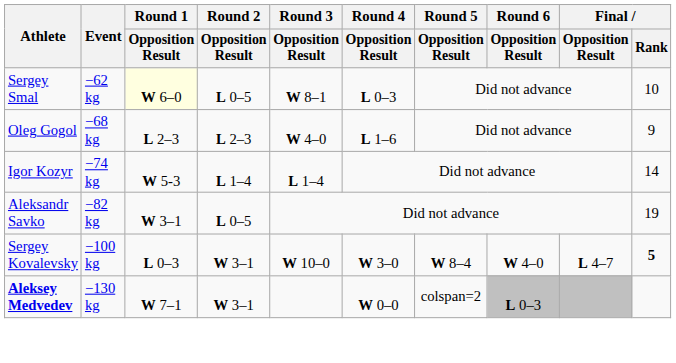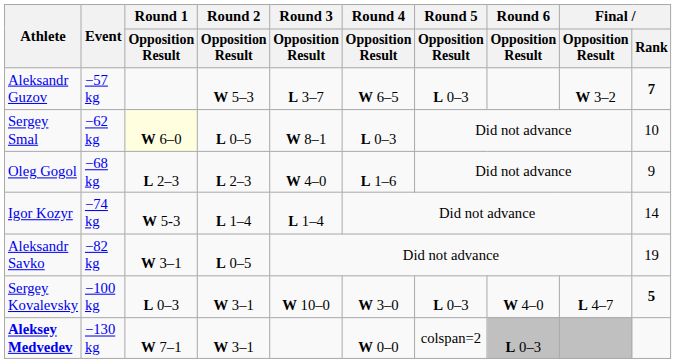 <table class="wikitable" style="font-size:90%">
 <tr>
 <th rowspan="2">Athlete</th>
 <th rowspan="2">Event</th>
 <th>Round 1</th>
 <th>Round 2</th>
 <th>Round 3</th>
 <th>Round 4</th>
 <th>Round 5</th>
 <th>Round 6</th>
 <th colspan=2>Final / </th>
 </tr>
 <tr style="font-size: 95%">
 <th>Opposition<br>Result</th>
 <th>Opposition<br>Result</th>
 <th>Opposition<br>Result</th>
 <th>Opposition<br>Result</th>
 <th>Opposition<br>Result</th>
 <th>Opposition<br>Result</th>
 <th>Opposition<br>Result</th>
 <th>Rank</th>
+</tr>
+<tr align=center>
+<td align=left><a href='#'>Aleksandr Guzov</a></td>
+<td align=left><a href='#'>−57 kg</a></td>
+<td></td>
+<td><br><strong>W</strong> 5–3</td>
+<td><br><strong>L</strong> 3–7</td>
+<td><br><strong>W</strong> 6–5</td>
+<td><br><strong>L</strong> 0–3</td>
+<td></td>
+<td><br><strong>W</strong> 3–2</td>
+<td><strong>7</strong></td>
 </tr>
 <tr align=center>
 <td align=left><a href='#'>Sergey Smal</a></td>
 <td align=left><a href='#'>−62 kg</a></td>
 <td style="background: lightyellow;"><br><strong>W</strong> 6–0</td>
 <td><br><strong>L</strong> 0–5</td>
 <td><br><strong>W</strong> 8–1</td>
 <td><br><strong>L</strong> 0–3</td>
 <td colspan=3>Did not advance</td>
 <td>10</td>
 </tr>
 <tr align=center>
 <td align=left><a href='#'>Oleg Gogol</a></td>
 <td align=left><a href='#'>−68 kg</a></td>
 <td><br><strong>L</strong> 2–3</td>
 <td><br><strong>L</strong> 2–3</td>
 <td><br><strong>W</strong> 4–0</td>
 <td><br><strong>L</strong> 1–6</td>
 <td colspan=3>Did not advance</td>
 <td>9</td>
 </tr>
 <tr align=center>
 <td align=left><a href='#'>Igor Kozyr</a></td>
 <td align=left><a href='#'>−74 kg</a></td>
 <td><br><strong>W</strong> 5-3</td>
 <td><br><strong>L</strong> 1–4</td>
 <td><br><strong>L</strong> 1–4</td>
 <td colspan=4>Did not advance</td>
 <td>14</td>
 </tr>
 <tr align=center>
 <td align=left><a href='#'>Aleksandr Savko</a></td>
 <td align=left><a href='#'>−82 kg</a></td>
 <td><br><strong>W</strong> 3–1</td>
 <td><br><strong>L</strong> 0–5</td>
 <td colspan=5>Did not advance</td>
 <td>19</td>
 </tr>
 <tr align=center>
 <td align=left><a href='#'>Sergey Kovalevsky</a></td>
 <td align=left><a href='#'>−100 kg</a></td>
 <td><br><strong>L</strong> 0–3</td>
 <td><br><strong>W</strong> 3–1</td>
 <td><br><strong>W</strong> 10–0</td>
 <td><br><strong>W</strong> 3–0</td>
-<td><br><strong>W</strong> 8–4</td>
+<td><br><strong>L</strong> 0–3</td>
 <td><br><strong>W</strong> 4–0</td>
 <td><br><strong>L</strong> 4–7</td>
 <td><strong>5</strong></td>
 </tr>
 <tr align=center>
 <td align=left><strong><a href='#'>Aleksey Medvedev</a></strong></td>
 <td align=left><a href='#'>−130 kg</a></td>
 <td><br><strong>W</strong> 7–1</td>
 <td><br><strong>W</strong> 3–1</td>
 <td></td>
 <td><br><strong>W</strong> 0–0</td>
 <td>colspan=2 </td>
 <td align="center" bgcolor='silver'><br><strong>L</strong> 0–3</td>
 <td align="center" bgcolor='silver'></td>
 </tr>
 </table>
